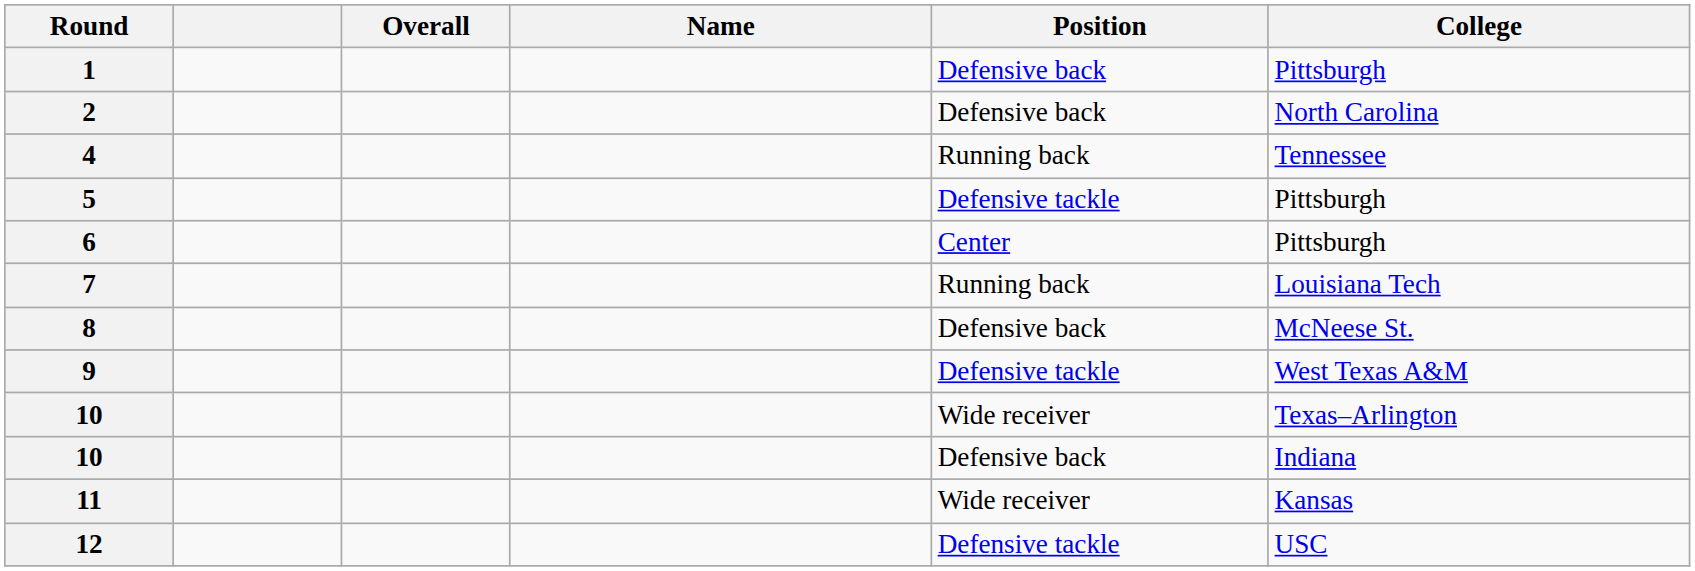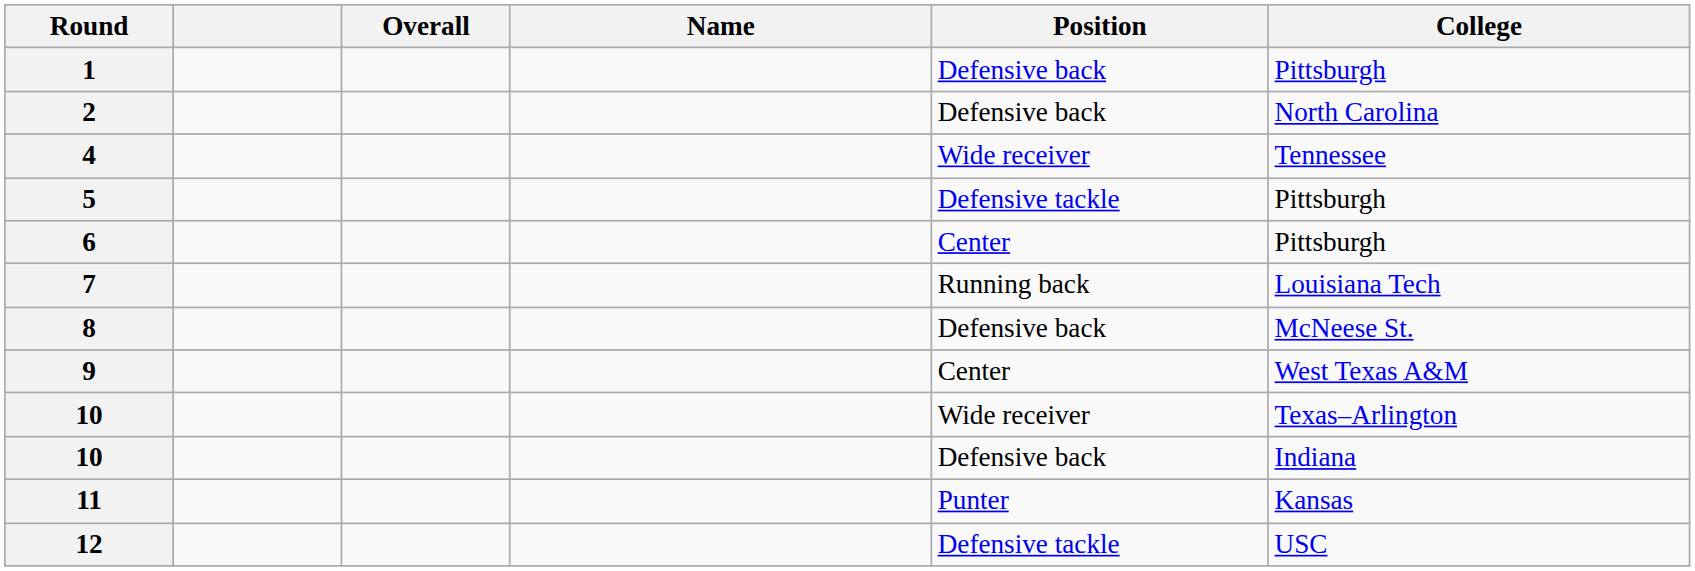 <table class="wikitable sortable" style="width: 50%;">
 <tr>
 <th scope="col" style="width: 10%;">Round</th>
 <th scope="col" style="width: 10%;"></th>
 <th scope="col" style="width: 10%;">Overall</th>
 <th scope="col" style="width: 25%;">Name</th>
 <th scope="col" style="width: 20%;">Position</th>
 <th scope="col" style="width: 25%;">College</th>
 </tr>
 <tr>
 <th scope="row">1</th>
 <td></td>
 <td></td>
 <td></td>
 <td><a href='#'>Defensive back</a></td>
 <td><a href='#'>Pittsburgh</a></td>
 </tr>
 <tr>
 <th scope="row">2</th>
 <td></td>
 <td></td>
 <td></td>
 <td>Defensive back</td>
 <td><a href='#'>North Carolina</a></td>
 </tr>
 <tr>
 <th scope="row">4</th>
 <td></td>
 <td></td>
 <td></td>
-<td>Running back</td>
+<td><a href='#'>Wide receiver</a></td>
 <td><a href='#'>Tennessee</a></td>
 </tr>
 <tr>
 <th scope="row">5</th>
 <td></td>
 <td></td>
 <td></td>
 <td><a href='#'>Defensive tackle</a></td>
 <td>Pittsburgh</td>
 </tr>
 <tr>
 <th scope="row">6</th>
 <td></td>
 <td></td>
 <td></td>
 <td><a href='#'>Center</a></td>
 <td>Pittsburgh</td>
 </tr>
 <tr>
 <th scope="row">7</th>
 <td></td>
 <td></td>
 <td></td>
 <td>Running back</td>
 <td><a href='#'>Louisiana Tech</a></td>
 </tr>
 <tr>
 <th scope="row">8</th>
 <td></td>
 <td></td>
 <td></td>
 <td>Defensive back</td>
 <td><a href='#'>McNeese St.</a></td>
 </tr>
 <tr>
 <th scope="row">9</th>
 <td></td>
 <td></td>
 <td></td>
-<td><a href='#'>Defensive tackle</a></td>
+<td>Center</td>
 <td><a href='#'>West Texas A&M</a></td>
 </tr>
 <tr>
 <th scope="row">10</th>
 <td></td>
 <td></td>
 <td></td>
 <td>Wide receiver</td>
 <td><a href='#'>Texas–Arlington</a></td>
 </tr>
 <tr>
 <th scope="row">10</th>
 <td></td>
 <td></td>
 <td></td>
 <td>Defensive back</td>
 <td><a href='#'>Indiana</a></td>
 </tr>
 <tr>
 <th scope="row">11</th>
 <td></td>
 <td></td>
 <td></td>
-<td>Wide receiver</td>
+<td><a href='#'>Punter</a></td>
 <td><a href='#'>Kansas</a></td>
 </tr>
 <tr>
 <th scope="row">12</th>
 <td></td>
 <td></td>
 <td></td>
 <td><a href='#'>Defensive tackle</a></td>
 <td><a href='#'>USC</a></td>
 </tr>
 </table>
